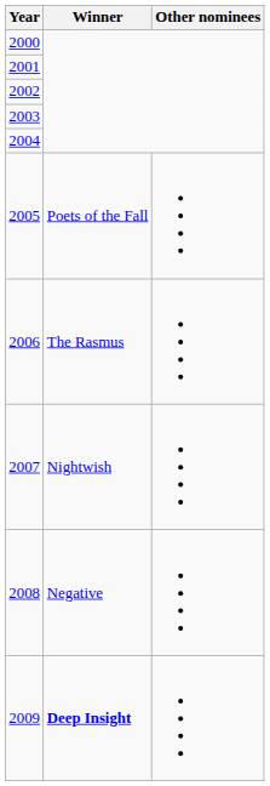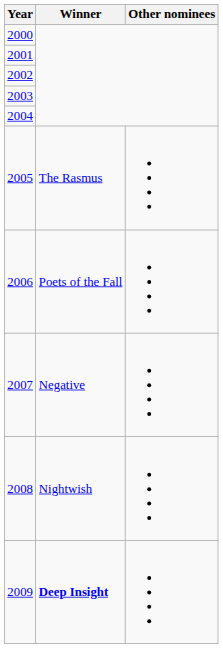 <table class="wikitable">
 <tr>
 <th>Year</th>
 <th>Winner</th>
 <th>Other nominees</th>
 </tr>
 <tr>
 <td><a href='#'>2000</a></td>
 <td rowspan=5 colspan=2></td>
 </tr>
 <tr>
 <td><a href='#'>2001</a></td>
 </tr>
 <tr>
 <td><a href='#'>2002</a></td>
 </tr>
 <tr>
 <td><a href='#'>2003</a></td>
 </tr>
 <tr>
 <td><a href='#'>2004</a></td>
 </tr>
 <tr>
 <td><a href='#'>2005</a></td>
+<td><a href='#'>The Rasmus</a></td>
+<td><br><ul><li></li><li></li><li></li><li></li></ul></td>
+</tr>
+<tr>
+<td><a href='#'>2006</a></td>
 <td><a href='#'>Poets of the Fall</a></td>
 <td><br><ul><li></li><li></li><li></li><li></li></ul></td>
 </tr>
 <tr>
-<td><a href='#'>2006</a></td>
-<td><a href='#'>The Rasmus</a></td>
-<td><br><ul><li></li><li></li><li></li><li></li></ul></td>
-</tr>
-<tr>
 <td><a href='#'>2007</a></td>
-<td><a href='#'>Nightwish</a></td>
+<td><a href='#'>Negative</a></td>
 <td><br><ul><li></li><li></li><li></li><li></li></ul></td>
 </tr>
 <tr>
 <td><a href='#'>2008</a></td>
-<td><a href='#'>Negative</a></td>
+<td><a href='#'>Nightwish</a></td>
 <td><br><ul><li></li><li></li><li></li><li></li></ul></td>
 </tr>
 <tr>
 <td><a href='#'>2009</a></td>
 <td><strong><a href='#'>Deep Insight</a></strong></td>
 <td><br><ul><li></li><li></li><li></li><li></li></ul></td>
 </tr>
 </table>
